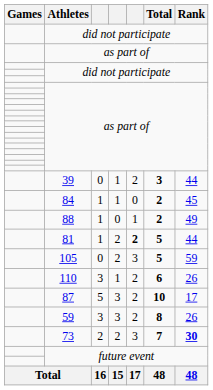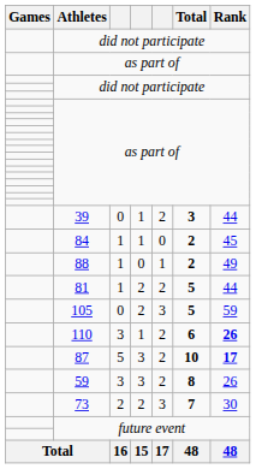 <table class="wikitable" style="text-align:center; font-size:90%;">
 <tr>
 <th>Games</th>
 <th>Athletes</th>
 <th></th>
 <th></th>
 <th></th>
 <th><strong>Total</strong></th>
 <th><strong>Rank</strong></th>
 </tr>
 <tr>
 <td> </td>
 <td colspan=6><em>did not participate</em></td>
 </tr>
 <tr>
 <td> </td>
 <td colspan=6><em>as part of </em></td>
 </tr>
 <tr>
 <td> </td>
 <td rowspan="3"; colspan=6><em>did not participate</em></td>
 </tr>
 <tr>
 <td> </td>
 </tr>
 <tr>
 <td> </td>
 </tr>
 <tr>
 <td> </td>
 <td rowspan="16"; colspan=6><em>as part of </em></td>
 </tr>
 <tr>
 <td> </td>
 </tr>
 <tr>
 <td> </td>
 </tr>
 <tr>
 <td> </td>
 </tr>
 <tr>
 <td> </td>
 </tr>
 <tr>
 <td> </td>
 </tr>
 <tr>
 <td> </td>
 </tr>
 <tr>
 <td> </td>
 </tr>
 <tr>
 <td> </td>
 </tr>
 <tr>
 <td> </td>
 </tr>
 <tr>
 <td> </td>
 </tr>
 <tr>
 <td> </td>
 </tr>
 <tr>
 <td> </td>
 </tr>
 <tr>
 <td> </td>
 </tr>
 <tr>
 <td> </td>
 </tr>
 <tr>
 <td> </td>
 </tr>
 <tr>
 <td> </td>
 <td><a href='#'>39</a></td>
 <td>0</td>
 <td>1</td>
 <td>2</td>
 <td><strong>3</strong></td>
 <td><a href='#'>44</a></td>
 </tr>
 <tr>
 <td> </td>
 <td><a href='#'>84</a></td>
 <td>1</td>
 <td>1</td>
 <td>0</td>
 <td><strong>2</strong></td>
 <td><a href='#'>45</a></td>
 </tr>
 <tr>
 <td> </td>
 <td><a href='#'>88</a></td>
 <td>1</td>
 <td>0</td>
 <td>1</td>
 <td><strong>2</strong></td>
 <td><a href='#'>49</a></td>
 </tr>
 <tr>
 <td> </td>
 <td><a href='#'>81</a></td>
 <td>1</td>
 <td>2</td>
-<td><strong>2</strong></td>
+<td>2</td>
 <td><strong>5</strong></td>
 <td><a href='#'>44</a></td>
 </tr>
 <tr>
 <td> </td>
 <td><a href='#'>105</a></td>
 <td>0</td>
 <td>2</td>
 <td>3</td>
 <td><strong>5</strong></td>
 <td><a href='#'>59</a></td>
 </tr>
 <tr>
 <td> </td>
 <td><a href='#'>110</a></td>
 <td>3</td>
 <td>1</td>
 <td>2</td>
 <td><strong>6</strong></td>
-<td><a href='#'>26</a></td>
+<td><strong><a href='#'>26</a></strong></td>
 </tr>
 <tr>
 <td> </td>
 <td><a href='#'>87</a></td>
 <td>5</td>
 <td>3</td>
 <td>2</td>
 <td><strong>10</strong></td>
-<td><a href='#'>17</a></td>
+<td><strong><a href='#'>17</a></strong></td>
 </tr>
 <tr>
 <td> </td>
 <td><a href='#'>59</a></td>
 <td>3</td>
 <td>3</td>
 <td>2</td>
 <td><strong>8</strong></td>
 <td><a href='#'>26</a></td>
 </tr>
 <tr>
 <td> </td>
 <td><a href='#'>73</a></td>
 <td>2</td>
 <td>2</td>
 <td>3</td>
 <td><strong>7</strong></td>
-<td><strong><a href='#'>30</a></strong></td>
+<td><a href='#'>30</a></td>
 </tr>
 <tr>
 <td> </td>
 <td rowspan="2"; colspan=6><em>future event</em></td>
 </tr>
 <tr>
 <td> </td>
 </tr>
 <tr>
 <th colspan=2>Total</th>
 <th>16</th>
 <th>15</th>
 <th>17</th>
 <th>48</th>
 <th><a href='#'>48</a></th>
 </tr>
 </table>
